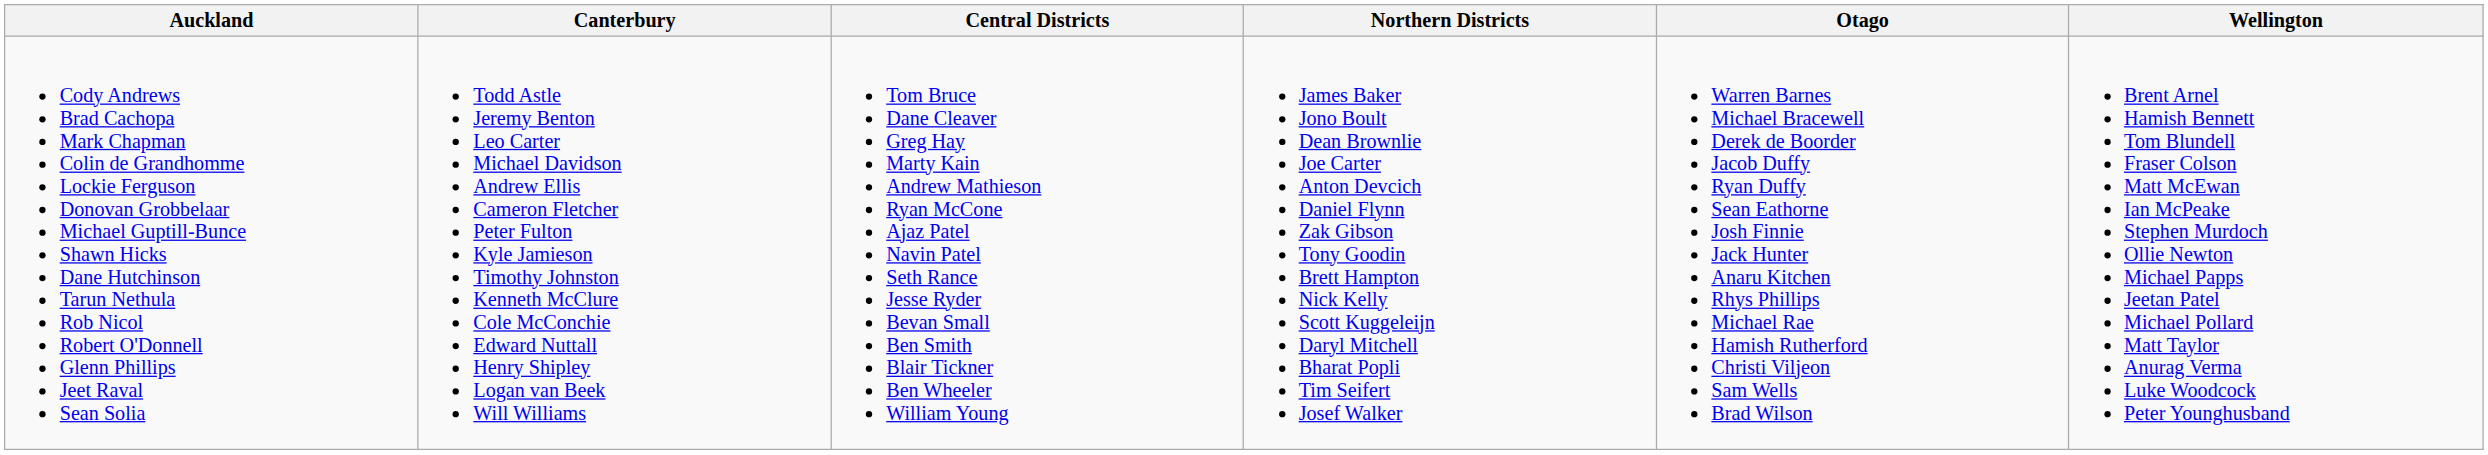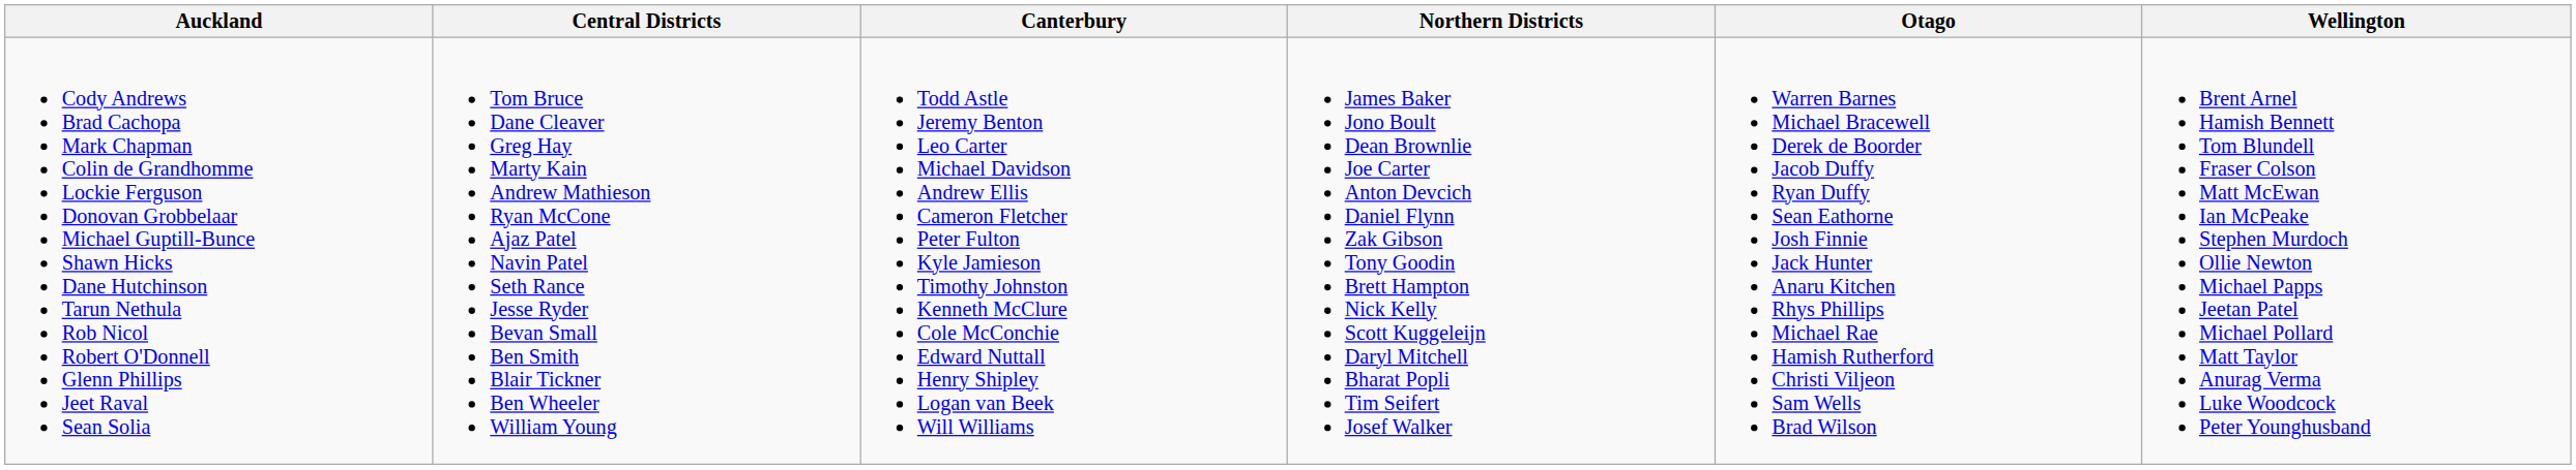 <table class="wikitable">
 <tr>
 <th width=330>Auckland</th>
+<th width=330>Central Districts</th>
 <th width=330>Canterbury</th>
-<th width=330>Central Districts</th>
 <th width=330>Northern Districts</th>
 <th width=330>Otago</th>
 <th width=330>Wellington</th>
 </tr>
 <tr>
 <td valign=top><br><ul><li><a href='#'>Cody Andrews</a></li><li><a href='#'>Brad Cachopa</a></li><li><a href='#'>Mark Chapman</a></li><li><a href='#'>Colin de Grandhomme</a></li><li><a href='#'>Lockie Ferguson</a></li><li><a href='#'>Donovan Grobbelaar</a></li><li><a href='#'>Michael Guptill-Bunce</a></li><li><a href='#'>Shawn Hicks</a></li><li><a href='#'>Dane Hutchinson</a></li><li><a href='#'>Tarun Nethula</a></li><li><a href='#'>Rob Nicol</a></li><li><a href='#'>Robert O'Donnell</a></li><li><a href='#'>Glenn Phillips</a></li><li><a href='#'>Jeet Raval</a></li><li><a href='#'>Sean Solia</a></li></ul></td>
+<td valign=top><br><ul><li><a href='#'>Tom Bruce</a></li><li><a href='#'>Dane Cleaver</a></li><li><a href='#'>Greg Hay</a></li><li><a href='#'>Marty Kain</a></li><li><a href='#'>Andrew Mathieson</a></li><li><a href='#'>Ryan McCone</a></li><li><a href='#'>Ajaz Patel</a></li><li><a href='#'>Navin Patel</a></li><li><a href='#'>Seth Rance</a></li><li><a href='#'>Jesse Ryder</a></li><li><a href='#'>Bevan Small</a></li><li><a href='#'>Ben Smith</a></li><li><a href='#'>Blair Tickner</a></li><li><a href='#'>Ben Wheeler</a></li><li><a href='#'>William Young</a></li></ul></td>
 <td valign=top><br><ul><li><a href='#'>Todd Astle</a></li><li><a href='#'>Jeremy Benton</a></li><li><a href='#'>Leo Carter</a></li><li><a href='#'>Michael Davidson</a></li><li><a href='#'>Andrew Ellis</a></li><li><a href='#'>Cameron Fletcher</a></li><li><a href='#'>Peter Fulton</a></li><li><a href='#'>Kyle Jamieson</a></li><li><a href='#'>Timothy Johnston</a></li><li><a href='#'>Kenneth McClure</a></li><li><a href='#'>Cole McConchie</a></li><li><a href='#'>Edward Nuttall</a></li><li><a href='#'>Henry Shipley</a></li><li><a href='#'>Logan van Beek</a></li><li><a href='#'>Will Williams</a></li></ul></td>
-<td valign=top><br><ul><li><a href='#'>Tom Bruce</a></li><li><a href='#'>Dane Cleaver</a></li><li><a href='#'>Greg Hay</a></li><li><a href='#'>Marty Kain</a></li><li><a href='#'>Andrew Mathieson</a></li><li><a href='#'>Ryan McCone</a></li><li><a href='#'>Ajaz Patel</a></li><li><a href='#'>Navin Patel</a></li><li><a href='#'>Seth Rance</a></li><li><a href='#'>Jesse Ryder</a></li><li><a href='#'>Bevan Small</a></li><li><a href='#'>Ben Smith</a></li><li><a href='#'>Blair Tickner</a></li><li><a href='#'>Ben Wheeler</a></li><li><a href='#'>William Young</a></li></ul></td>
 <td valign=top><br><ul><li><a href='#'>James Baker</a></li><li><a href='#'>Jono Boult</a></li><li><a href='#'>Dean Brownlie</a></li><li><a href='#'>Joe Carter</a></li><li><a href='#'>Anton Devcich</a></li><li><a href='#'>Daniel Flynn</a></li><li><a href='#'>Zak Gibson</a></li><li><a href='#'>Tony Goodin</a></li><li><a href='#'>Brett Hampton</a></li><li><a href='#'>Nick Kelly</a></li><li><a href='#'>Scott Kuggeleijn</a></li><li><a href='#'>Daryl Mitchell</a></li><li><a href='#'>Bharat Popli</a></li><li><a href='#'>Tim Seifert</a></li><li><a href='#'>Josef Walker</a></li></ul></td>
 <td valign=top><br><ul><li><a href='#'>Warren Barnes</a></li><li><a href='#'>Michael Bracewell</a></li><li><a href='#'>Derek de Boorder</a></li><li><a href='#'>Jacob Duffy</a></li><li><a href='#'>Ryan Duffy</a></li><li><a href='#'>Sean Eathorne</a></li><li><a href='#'>Josh Finnie</a></li><li><a href='#'>Jack Hunter</a></li><li><a href='#'>Anaru Kitchen</a></li><li><a href='#'>Rhys Phillips</a></li><li><a href='#'>Michael Rae</a></li><li><a href='#'>Hamish Rutherford</a></li><li><a href='#'>Christi Viljeon</a></li><li><a href='#'>Sam Wells</a></li><li><a href='#'>Brad Wilson</a></li></ul></td>
 <td valign=top><br><ul><li><a href='#'>Brent Arnel</a></li><li><a href='#'>Hamish Bennett</a></li><li><a href='#'>Tom Blundell</a></li><li><a href='#'>Fraser Colson</a></li><li><a href='#'>Matt McEwan</a></li><li><a href='#'>Ian McPeake</a></li><li><a href='#'>Stephen Murdoch</a></li><li><a href='#'>Ollie Newton</a></li><li><a href='#'>Michael Papps</a></li><li><a href='#'>Jeetan Patel</a></li><li><a href='#'>Michael Pollard</a></li><li><a href='#'>Matt Taylor</a></li><li><a href='#'>Anurag Verma</a></li><li><a href='#'>Luke Woodcock</a></li><li><a href='#'>Peter Younghusband</a></li></ul></td>
 </tr>
 </table>
